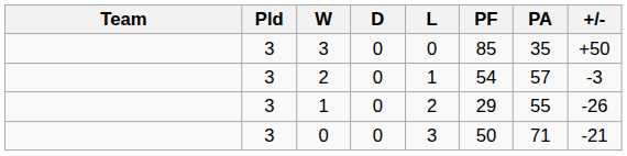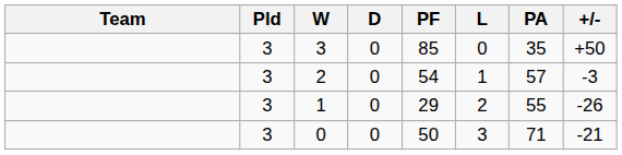 <table class="wikitable" style="text-align: center;">
 <tr>
 <th style="width:200px;">Team</th>
 <th width="40">Pld</th>
 <th width="40">W</th>
 <th width="40">D</th>
+<th width="40">PF</th>
 <th width="40">L</th>
-<th width="40">PF</th>
 <th width="40">PA</th>
 <th width="40">+/-</th>
 </tr>
 <tr>
 <td align="left"></td>
 <td>3</td>
 <td>3</td>
 <td>0</td>
+<td>85</td>
 <td>0</td>
-<td>85</td>
 <td>35</td>
 <td>+50</td>
 </tr>
 <tr>
 <td align="left"></td>
 <td>3</td>
 <td>2</td>
 <td>0</td>
+<td>54</td>
 <td>1</td>
-<td>54</td>
 <td>57</td>
 <td>-3</td>
 </tr>
 <tr>
 <td align="left"></td>
 <td>3</td>
 <td>1</td>
 <td>0</td>
+<td>29</td>
 <td>2</td>
-<td>29</td>
 <td>55</td>
 <td>-26</td>
 </tr>
 <tr>
 <td align="left"></td>
 <td>3</td>
 <td>0</td>
 <td>0</td>
+<td>50</td>
 <td>3</td>
-<td>50</td>
 <td>71</td>
 <td>-21</td>
 </tr>
 </table>
